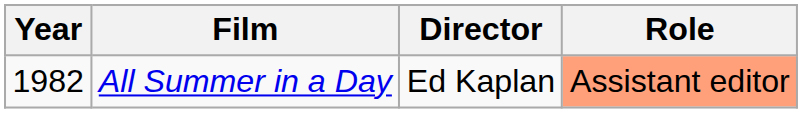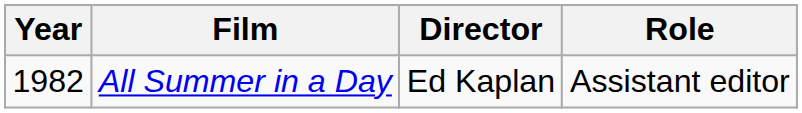 <table class="wikitable">
 <tr>
 <th>Year</th>
 <th>Film</th>
 <th>Director</th>
 <th>Role</th>
 </tr>
 <tr>
 <td>1982</td>
 <td><em><a href='#'>All Summer in a Day</a></em></td>
 <td>Ed Kaplan</td>
-<td style="background: lightsalmon;">Assistant editor</td>
+<td>Assistant editor</td>
 </tr>
 </table>
